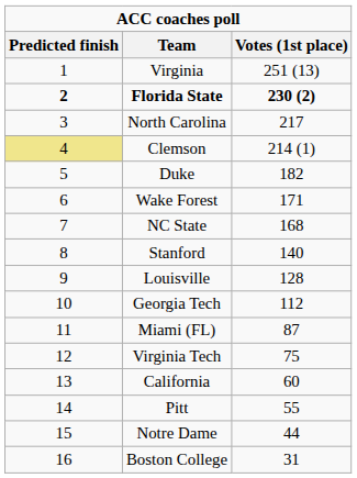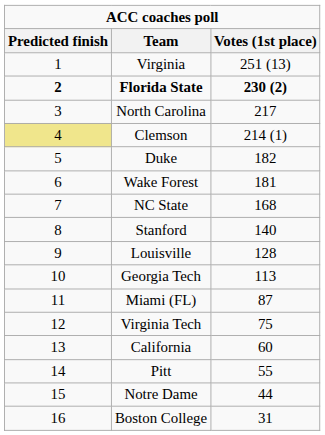 <table class="wikitable" style="display: inline-table;">
 <tr>
 <td align="center" Colspan="3"><strong>ACC coaches poll</strong></td>
 </tr>
 <tr align="center">
 <th>Predicted finish</th>
 <th>Team</th>
 <th>Votes (1st place)</th>
 </tr>
 <tr align="center">
 <td>1</td>
 <td>Virginia</td>
 <td>251 (13)</td>
 </tr>
 <tr align="center">
 <td><strong>2</strong></td>
 <td><strong>Florida State</strong></td>
 <td><strong>230 (2)</strong></td>
 </tr>
 <tr align="center">
 <td>3</td>
 <td>North Carolina</td>
 <td>217</td>
 </tr>
 <tr align="center">
 <td style="background: khaki;">4</td>
 <td>Clemson</td>
 <td>214 (1)</td>
 </tr>
 <tr align="center">
 <td>5</td>
 <td>Duke</td>
 <td>182</td>
 </tr>
 <tr align="center">
 <td>6</td>
 <td>Wake Forest</td>
-<td>171</td>
+<td>181</td>
 </tr>
 <tr align="center">
 <td>7</td>
 <td>NC State</td>
 <td>168</td>
 </tr>
 <tr align="center">
 <td>8</td>
 <td>Stanford</td>
 <td>140</td>
 </tr>
 <tr align="center">
 <td>9</td>
 <td>Louisville</td>
 <td>128</td>
 </tr>
 <tr align="center">
 <td>10</td>
 <td>Georgia Tech</td>
-<td>112</td>
+<td>113</td>
 </tr>
 <tr align="center">
 <td>11</td>
 <td>Miami (FL)</td>
 <td>87</td>
 </tr>
 <tr align="center">
 <td>12</td>
 <td>Virginia Tech</td>
 <td>75</td>
 </tr>
 <tr align="center">
 <td>13</td>
 <td>California</td>
 <td>60</td>
 </tr>
 <tr align="center">
 <td>14</td>
 <td>Pitt</td>
 <td>55</td>
 </tr>
 <tr align="center">
 <td>15</td>
 <td>Notre Dame</td>
 <td>44</td>
 </tr>
 <tr align="center">
 <td>16</td>
 <td>Boston College</td>
 <td>31</td>
 </tr>
 </table>
